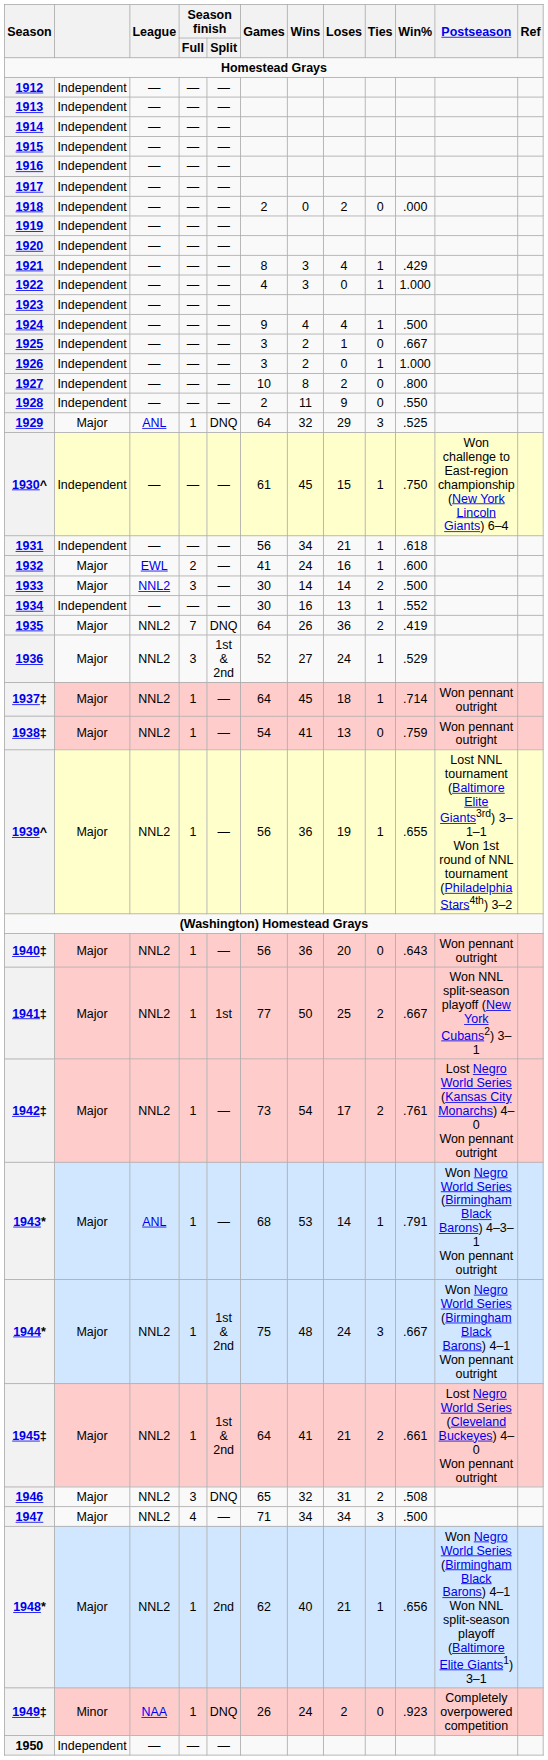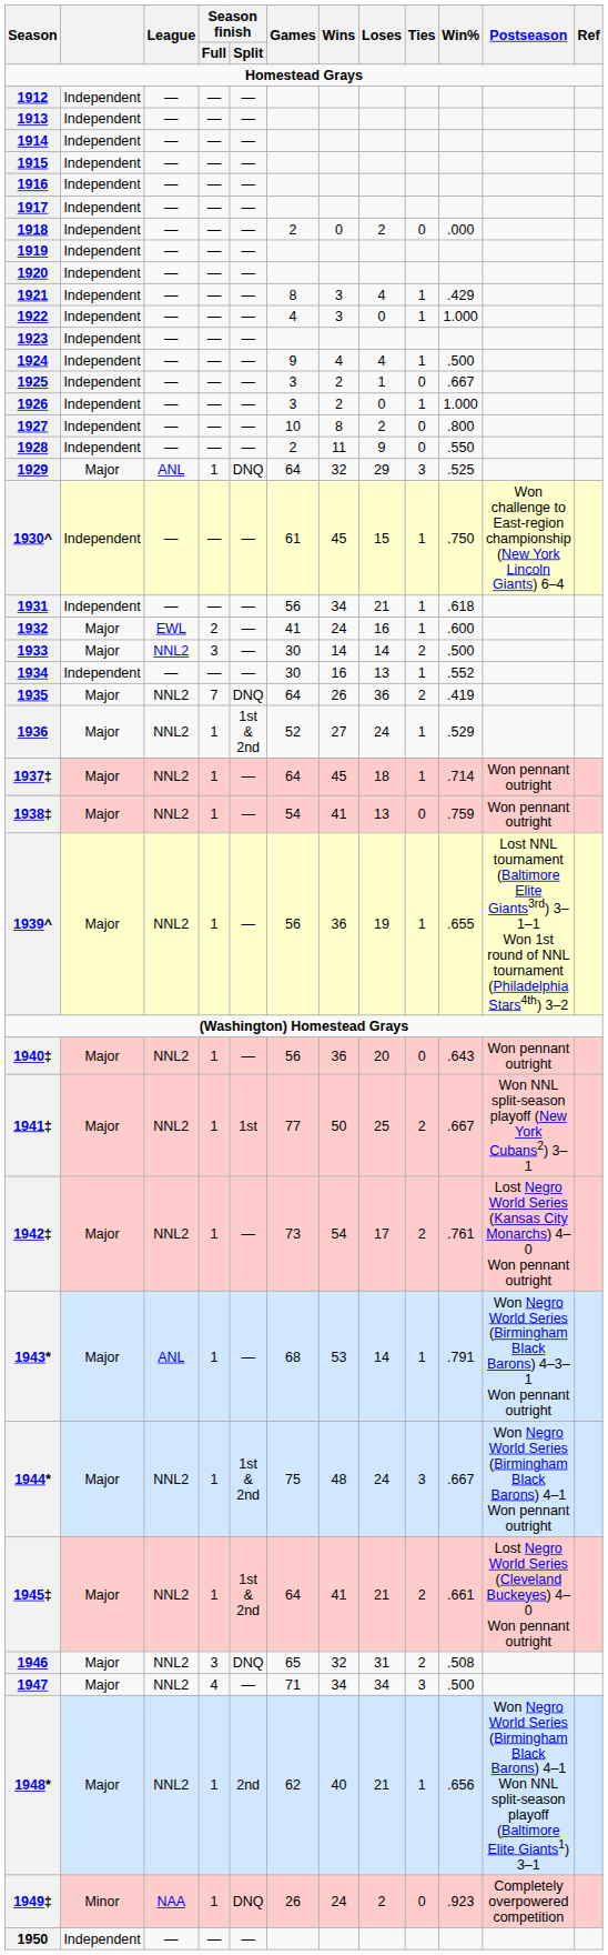 <table class="wikitable sortable" style="text-align:center; font-size:95%">
 <tr>
 <th rowspan="2">Season</th>
 <th rowspan="2"></th>
 <th rowspan="2">League</th>
 <th colspan="2">Season finish</th>
 <th rowspan="2">Games</th>
 <th rowspan="2">Wins</th>
 <th rowspan="2">Loses</th>
 <th rowspan="2">Ties</th>
 <th rowspan="2">Win%</th>
 <th rowspan="2"><a href='#'>Postseason</a></th>
 <th rowspan="2">Ref</th>
 </tr>
 <tr>
 <th>Full</th>
 <th>Split</th>
 </tr>
 <tr>
 <td align="center" colspan="12"><strong>Homestead Grays</strong></td>
 </tr>
 <tr>
 <th scope="row"><a href='#'>1912</a></th>
 <td align="center">Independent</td>
 <td>—</td>
 <td>—</td>
 <td>—</td>
 <td></td>
 <td></td>
 <td></td>
 <td></td>
 <td></td>
 <td></td>
 <td></td>
 </tr>
 <tr>
 <th scope="row"><a href='#'>1913</a></th>
 <td>Independent</td>
 <td>—</td>
 <td>—</td>
 <td>—</td>
 <td></td>
 <td></td>
 <td></td>
 <td></td>
 <td></td>
 <td></td>
 <td></td>
 </tr>
 <tr>
 <th scope="row"><a href='#'>1914</a></th>
 <td>Independent</td>
 <td>—</td>
 <td>—</td>
 <td>—</td>
 <td></td>
 <td></td>
 <td></td>
 <td></td>
 <td></td>
 <td></td>
 <td></td>
 </tr>
 <tr>
 <th scope="row"><a href='#'>1915</a></th>
 <td>Independent</td>
 <td>—</td>
 <td>—</td>
 <td>—</td>
 <td></td>
 <td></td>
 <td></td>
 <td></td>
 <td></td>
 <td></td>
 <td></td>
 </tr>
 <tr>
 <th scope="row"><a href='#'>1916</a></th>
 <td>Independent</td>
 <td>—</td>
 <td>—</td>
 <td>—</td>
 <td></td>
 <td></td>
 <td></td>
 <td></td>
 <td></td>
 <td></td>
 <td></td>
 </tr>
 <tr>
 <th scope="row"><a href='#'>1917</a></th>
 <td>Independent</td>
 <td>—</td>
 <td>—</td>
 <td>—</td>
 <td></td>
 <td></td>
 <td></td>
 <td></td>
 <td></td>
 <td></td>
 <td></td>
 </tr>
 <tr>
 <th scope="row"><a href='#'>1918</a></th>
 <td>Independent</td>
 <td>—</td>
 <td>—</td>
 <td>—</td>
 <td>2</td>
 <td>0</td>
 <td>2</td>
 <td>0</td>
 <td>.000</td>
 <td></td>
 <td></td>
 </tr>
 <tr>
 <th scope="row"><a href='#'>1919</a></th>
 <td>Independent</td>
 <td>—</td>
 <td>—</td>
 <td>—</td>
 <td></td>
 <td></td>
 <td></td>
 <td></td>
 <td></td>
 <td></td>
 <td></td>
 </tr>
 <tr>
 <th scope="row"><a href='#'>1920</a></th>
 <td>Independent</td>
 <td>—</td>
 <td>—</td>
 <td>—</td>
 <td></td>
 <td></td>
 <td></td>
 <td></td>
 <td></td>
 <td></td>
 <td></td>
 </tr>
 <tr>
 <th scope="row"><a href='#'>1921</a></th>
 <td>Independent</td>
 <td>—</td>
 <td>—</td>
 <td>—</td>
 <td>8</td>
 <td>3</td>
 <td>4</td>
 <td>1</td>
 <td>.429</td>
 <td></td>
 <td></td>
 </tr>
 <tr>
 <th scope="row"><a href='#'>1922</a></th>
 <td>Independent</td>
 <td>—</td>
 <td>—</td>
 <td>—</td>
 <td>4</td>
 <td>3</td>
 <td>0</td>
 <td>1</td>
 <td>1.000</td>
 <td></td>
 <td></td>
 </tr>
 <tr>
 <th scope="row"><a href='#'>1923</a></th>
 <td>Independent</td>
 <td>—</td>
 <td>—</td>
 <td>—</td>
 <td></td>
 <td></td>
 <td></td>
 <td></td>
 <td></td>
 <td></td>
 <td></td>
 </tr>
 <tr>
 <th scope="row"><a href='#'>1924</a></th>
 <td>Independent</td>
 <td>—</td>
 <td>—</td>
 <td>—</td>
 <td>9</td>
 <td>4</td>
 <td>4</td>
 <td>1</td>
 <td>.500</td>
 <td></td>
 <td></td>
 </tr>
 <tr>
 <th scope="row"><a href='#'>1925</a></th>
 <td>Independent</td>
 <td>—</td>
 <td>—</td>
 <td>—</td>
 <td>3</td>
 <td>2</td>
 <td>1</td>
 <td>0</td>
 <td>.667</td>
 <td></td>
 <td></td>
 </tr>
 <tr>
 <th scope="row"><a href='#'>1926</a></th>
 <td>Independent</td>
 <td>—</td>
 <td>—</td>
 <td>—</td>
 <td>3</td>
 <td>2</td>
 <td>0</td>
 <td>1</td>
 <td>1.000</td>
 <td></td>
 <td></td>
 </tr>
 <tr>
 <th scope="row"><a href='#'>1927</a></th>
 <td>Independent</td>
 <td>—</td>
 <td>—</td>
 <td>—</td>
 <td>10</td>
 <td>8</td>
 <td>2</td>
 <td>0</td>
 <td>.800</td>
 <td></td>
 <td></td>
 </tr>
 <tr>
 <th scope="row"><a href='#'>1928</a></th>
 <td>Independent</td>
 <td>—</td>
 <td>—</td>
 <td>—</td>
 <td>2</td>
 <td>11</td>
 <td>9</td>
 <td>0</td>
 <td>.550</td>
 <td></td>
 <td></td>
 </tr>
 <tr>
 <th scope="row"><a href='#'>1929</a></th>
 <td>Major</td>
 <td><a href='#'>ANL</a></td>
 <td>1</td>
 <td>DNQ</td>
 <td>64</td>
 <td>32</td>
 <td>29</td>
 <td>3</td>
 <td>.525</td>
 <td></td>
 <td></td>
 </tr>
 <tr bgcolor="#FFFFCC">
 <th scope="row"><a href='#'>1930</a>^</th>
 <td align="center">Independent</td>
 <td>—</td>
 <td>—</td>
 <td>—</td>
 <td>61</td>
 <td>45</td>
 <td>15</td>
 <td>1</td>
 <td>.750</td>
 <td>Won challenge to East-region championship (<a href='#'>New York Lincoln Giants</a>) 6–4</td>
 <td></td>
 </tr>
 <tr>
 <th scope="row"><a href='#'>1931</a></th>
 <td>Independent</td>
 <td>—</td>
 <td>—</td>
 <td>—</td>
 <td>56</td>
 <td>34</td>
 <td>21</td>
 <td>1</td>
 <td>.618</td>
 <td></td>
 <td></td>
 </tr>
 <tr>
 <th scope="row"><a href='#'>1932</a></th>
 <td>Major</td>
 <td><a href='#'>EWL</a></td>
 <td>2</td>
 <td>—</td>
 <td>41</td>
 <td>24</td>
 <td>16</td>
 <td>1</td>
 <td>.600</td>
 <td></td>
 <td></td>
 </tr>
 <tr>
 <th scope="row"><a href='#'>1933</a></th>
 <td>Major</td>
 <td><a href='#'>NNL2</a></td>
 <td>3</td>
 <td>—</td>
 <td>30</td>
 <td>14</td>
 <td>14</td>
 <td>2</td>
 <td>.500</td>
 <td></td>
 <td></td>
 </tr>
 <tr>
 <th scope="row"><a href='#'>1934</a></th>
 <td align="center">Independent</td>
 <td>—</td>
 <td>—</td>
 <td>—</td>
 <td>30</td>
 <td>16</td>
 <td>13</td>
 <td>1</td>
 <td>.552</td>
 <td></td>
 <td></td>
 </tr>
 <tr>
 <th scope="row"><a href='#'>1935</a></th>
 <td>Major</td>
 <td>NNL2</td>
 <td>7</td>
 <td>DNQ</td>
 <td>64</td>
 <td>26</td>
 <td>36</td>
 <td>2</td>
 <td>.419</td>
 <td></td>
 <td></td>
 </tr>
 <tr>
 <th scope="row"><a href='#'>1936</a></th>
 <td>Major</td>
 <td>NNL2</td>
-<td>3</td>
+<td>1</td>
 <td>1st & 2nd</td>
 <td>52</td>
 <td>27</td>
 <td>24</td>
 <td>1</td>
 <td>.529</td>
 <td></td>
 <td></td>
 </tr>
 <tr bgcolor="#FFCCCC">
 <th scope="row"><a href='#'>1937</a>‡</th>
 <td>Major</td>
 <td>NNL2</td>
 <td>1</td>
 <td>—</td>
 <td>64</td>
 <td>45</td>
 <td>18</td>
 <td>1</td>
 <td>.714</td>
 <td>Won pennant outright</td>
 <td></td>
 </tr>
 <tr bgcolor="#FFCCCC">
 <th scope="row"><a href='#'>1938</a>‡</th>
 <td>Major</td>
 <td>NNL2</td>
 <td>1</td>
 <td>—</td>
 <td>54</td>
 <td>41</td>
 <td>13</td>
 <td>0</td>
 <td>.759</td>
 <td>Won pennant outright</td>
 <td></td>
 </tr>
 <tr bgcolor="#FFFFCC">
 <th scope="row"><a href='#'>1939</a>^</th>
 <td>Major</td>
 <td>NNL2</td>
 <td>1</td>
 <td>—</td>
 <td>56</td>
 <td>36</td>
 <td>19</td>
 <td>1</td>
 <td>.655</td>
 <td>Lost NNL tournament (<a href='#'>Baltimore Elite Giants</a><sup>3rd</sup>) 3–1–1<br>Won 1st round of NNL tournament (<a href='#'>Philadelphia Stars</a><sup>4th</sup>) 3–2</td>
 <td></td>
 </tr>
 <tr>
 <td align="center" colspan="12"><strong>(Washington) Homestead Grays</strong></td>
 </tr>
 <tr bgcolor="#FFCCCC">
 <th scope="row"><a href='#'>1940</a>‡</th>
 <td>Major</td>
 <td>NNL2</td>
 <td>1</td>
 <td>—</td>
 <td>56</td>
 <td>36</td>
 <td>20</td>
 <td>0</td>
 <td>.643</td>
 <td>Won pennant outright</td>
 <td></td>
 </tr>
 <tr bgcolor="#FFCCCC">
 <th scope="row"><a href='#'>1941</a>‡</th>
 <td>Major</td>
 <td>NNL2</td>
 <td>1</td>
 <td>1st</td>
 <td>77</td>
 <td>50</td>
 <td>25</td>
 <td>2</td>
 <td>.667</td>
 <td>Won NNL split-season playoff (<a href='#'>New York Cubans</a><sup>2</sup>) 3–1</td>
 <td></td>
 </tr>
 <tr bgcolor="#FFCCCC">
 <th scope="row"><a href='#'>1942</a>‡</th>
 <td>Major</td>
 <td>NNL2</td>
 <td>1</td>
 <td>—</td>
 <td>73</td>
 <td>54</td>
 <td>17</td>
 <td>2</td>
 <td>.761</td>
 <td>Lost <a href='#'>Negro World Series</a> (<a href='#'>Kansas City Monarchs</a>) 4–0<br>Won pennant outright</td>
 <td></td>
 </tr>
 <tr bgcolor="#D0E7FF">
 <th scope="row"><a href='#'>1943</a>*</th>
 <td>Major</td>
 <td><a href='#'>ANL</a></td>
 <td>1</td>
 <td>—</td>
 <td>68</td>
 <td>53</td>
 <td>14</td>
 <td>1</td>
 <td>.791</td>
 <td>Won <a href='#'>Negro World Series</a> (<a href='#'>Birmingham Black Barons</a>) 4–3–1<br>Won pennant outright</td>
 <td></td>
 </tr>
 <tr bgcolor="#D0E7FF">
 <th scope="row"><a href='#'>1944</a>*</th>
 <td>Major</td>
 <td>NNL2</td>
 <td>1</td>
 <td>1st & 2nd</td>
 <td>75</td>
 <td>48</td>
 <td>24</td>
 <td>3</td>
 <td>.667</td>
 <td>Won <a href='#'>Negro World Series</a> (<a href='#'>Birmingham Black Barons</a>) 4–1<br>Won pennant outright</td>
 <td></td>
 </tr>
 <tr bgcolor="#FFCCCC">
 <th scope="row"><a href='#'>1945</a>‡</th>
 <td>Major</td>
 <td>NNL2</td>
 <td>1</td>
 <td>1st & 2nd</td>
 <td>64</td>
 <td>41</td>
 <td>21</td>
 <td>2</td>
 <td>.661</td>
 <td>Lost <a href='#'>Negro World Series</a> (<a href='#'>Cleveland Buckeyes</a>) 4–0<br>Won pennant outright</td>
 <td></td>
 </tr>
 <tr>
 <th scope="row"><a href='#'>1946</a></th>
 <td>Major</td>
 <td>NNL2</td>
 <td>3</td>
 <td>DNQ</td>
 <td>65</td>
 <td>32</td>
 <td>31</td>
 <td>2</td>
 <td>.508</td>
 <td></td>
 <td></td>
 </tr>
 <tr>
 <th scope="row"><a href='#'>1947</a></th>
 <td>Major</td>
 <td>NNL2</td>
 <td>4</td>
 <td>—</td>
 <td>71</td>
 <td>34</td>
 <td>34</td>
 <td>3</td>
 <td>.500</td>
 <td></td>
 <td></td>
 </tr>
 <tr bgcolor="#D0E7FF">
 <th scope="row"><a href='#'>1948</a>*</th>
 <td>Major</td>
 <td>NNL2</td>
 <td>1</td>
 <td>2nd</td>
 <td>62</td>
 <td>40</td>
 <td>21</td>
 <td>1</td>
 <td>.656</td>
 <td>Won <a href='#'>Negro World Series</a> (<a href='#'>Birmingham Black Barons</a>) 4–1<br>Won NNL split-season playoff (<a href='#'>Baltimore Elite Giants</a><sup>1</sup>) 3–1</td>
 <td></td>
 </tr>
 <tr bgcolor="#FFCCCC">
 <th scope="row"><a href='#'>1949</a>‡</th>
 <td>Minor</td>
 <td><a href='#'>NAA</a></td>
 <td>1</td>
 <td>DNQ</td>
 <td>26</td>
 <td>24</td>
 <td>2</td>
 <td>0</td>
 <td>.923</td>
 <td>Completely overpowered competition</td>
 <td></td>
 </tr>
 <tr>
 <th scope="row">1950</th>
 <td>Independent</td>
 <td>—</td>
 <td>—</td>
 <td>—</td>
 <td></td>
 <td></td>
 <td></td>
 <td></td>
 <td></td>
 <td></td>
 <td></td>
 </tr>
 </table>
